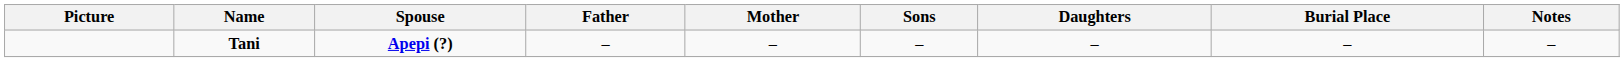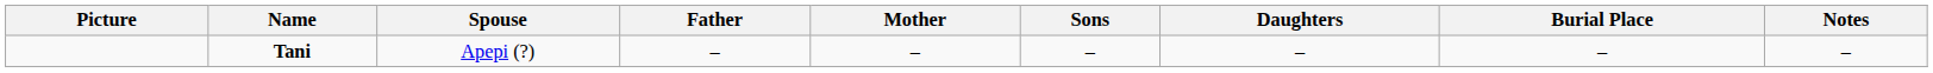 <table width=100% class="wikitable" style="text-align:center;">
 <tr>
 <th>Picture</th>
 <th>Name</th>
 <th>Spouse</th>
 <th>Father</th>
 <th>Mother</th>
 <th>Sons</th>
 <th>Daughters</th>
 <th>Burial Place</th>
 <th>Notes</th>
 </tr>
 <tr>
 <td></td>
 <td><strong>Tani</strong><br></td>
-<td><strong><a href='#'>Apepi</a> (?)</strong></td>
+<td><a href='#'>Apepi</a> (?)</td>
 <td>–</td>
 <td>–</td>
 <td>–</td>
 <td>–</td>
 <td>–</td>
 <td>–</td>
 </tr>
 <tr>
 </tr>
 </table>
